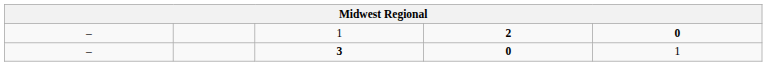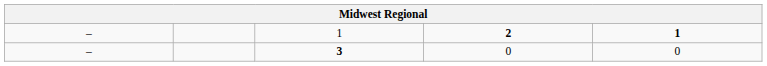 <table class="wikitable" style="font-size:90%; width: 75%; text-align: center">
 <tr>
 <th colspan=5>Midwest Regional</th>
 </tr>
 <tr>
 <td>–</td>
 <td><strong></strong></td>
 <td>1</td>
 <td><strong>2</strong></td>
-<td><strong>0</strong></td>
+<td><strong>1</strong></td>
 </tr>
 <tr>
 <td>–</td>
 <td></td>
 <td><strong>3</strong></td>
-<td><strong>0</strong></td>
-<td>1</td>
+<td>0</td>
+<td>0</td>
 </tr>
 </table>
